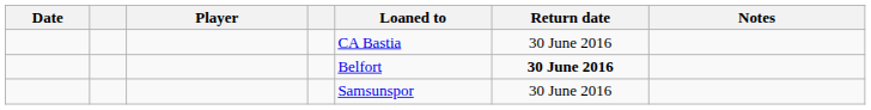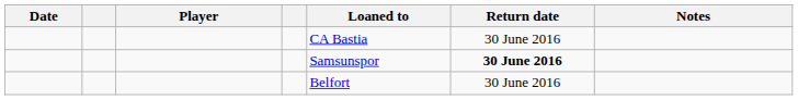 <table class="wikitable sortable">
 <tr>
 <th style="width:80px;">Date</th>
 <th style="width:30px;"></th>
 <th style="width:180px;">Player</th>
 <th style="width:20px;"></th>
 <th style="width:155px;">Loaned to</th>
 <th style="width:155px;" class="unsortable">Return date</th>
 <th style="width:215px;" class="unsortable">Notes</th>
 </tr>
 <tr>
 <td></td>
 <td align=center></td>
 <td> </td>
 <td></td>
 <td> <a href='#'>CA Bastia</a></td>
 <td align=center>30 June 2016</td>
 <td align=center></td>
 </tr>
 <tr>
 <td></td>
 <td align=center></td>
 <td> </td>
 <td></td>
-<td> <a href='#'>Belfort</a></td>
+<td> <a href='#'>Samsunspor</a></td>
 <td align=center><strong>30 June 2016</strong></td>
 <td align=center></td>
 </tr>
 <tr>
 <td></td>
 <td align=center></td>
 <td> </td>
 <td></td>
-<td> <a href='#'>Samsunspor</a></td>
+<td> <a href='#'>Belfort</a></td>
 <td align=center>30 June 2016</td>
 <td align=center></td>
 </tr>
 </table>
